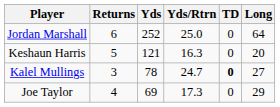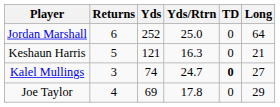 <table class="wikitable sortable sortable" style="text-align: center">
 <tr align=center>
 <th>Player</th>
 <th>Returns</th>
 <th>Yds</th>
 <th>Yds/Rtrn</th>
 <th>TD</th>
 <th>Long</th>
 </tr>
 <tr>
 <td><a href='#'>Jordan Marshall</a></td>
 <td>6</td>
 <td>252</td>
 <td>25.0</td>
 <td>0</td>
 <td>64</td>
 </tr>
 <tr>
 <td>Keshaun Harris</td>
 <td>5</td>
 <td>121</td>
 <td>16.3</td>
 <td>0</td>
-<td>20</td>
+<td>21</td>
 </tr>
 <tr>
 <td><a href='#'>Kalel Mullings</a></td>
 <td>3</td>
-<td>78</td>
+<td>74</td>
 <td>24.7</td>
 <td><strong>0</strong></td>
 <td>27</td>
 </tr>
 <tr>
 <td>Joe Taylor</td>
 <td>4</td>
 <td>69</td>
-<td>17.3</td>
+<td>17.8</td>
 <td>0</td>
 <td>29</td>
 </tr>
 </table>
